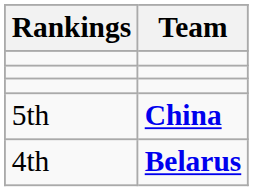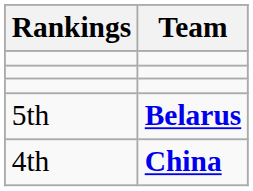 <table class="wikitable">
 <tr>
 <th>Rankings</th>
 <th>Team</th>
 </tr>
 <tr>
 <td></td>
 <td><strong></strong></td>
 </tr>
 <tr>
 <td></td>
 <td><strong></strong></td>
 </tr>
 <tr>
 <td></td>
 <td><strong></strong></td>
 </tr>
 <tr>
 <td>5th</td>
-<td> <a href='#'><strong>China</strong></a></td>
+<td> <a href='#'><strong>Belarus</strong></a></td>
 </tr>
 <tr>
 <td>4th</td>
-<td> <a href='#'><strong>Belarus</strong></a></td>
+<td> <a href='#'><strong>China</strong></a></td>
 </tr>
 </table>
